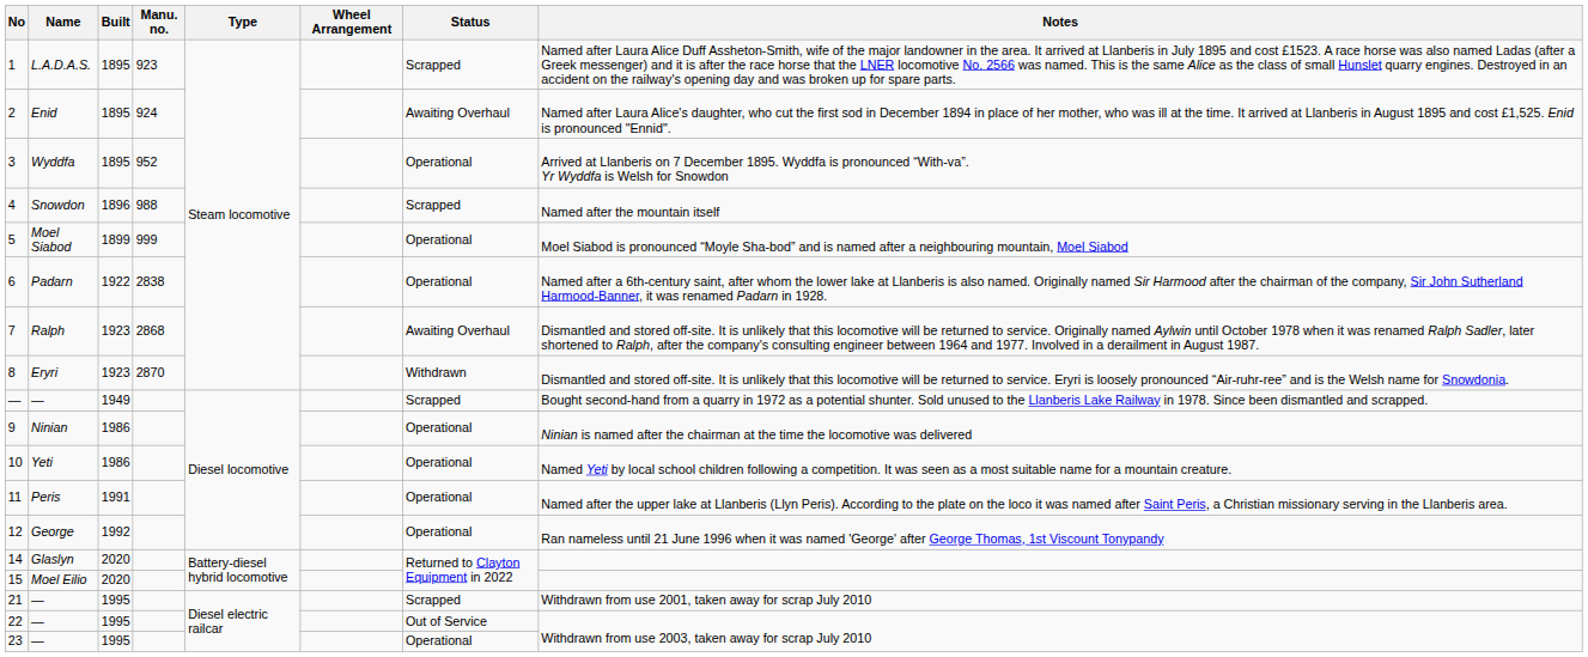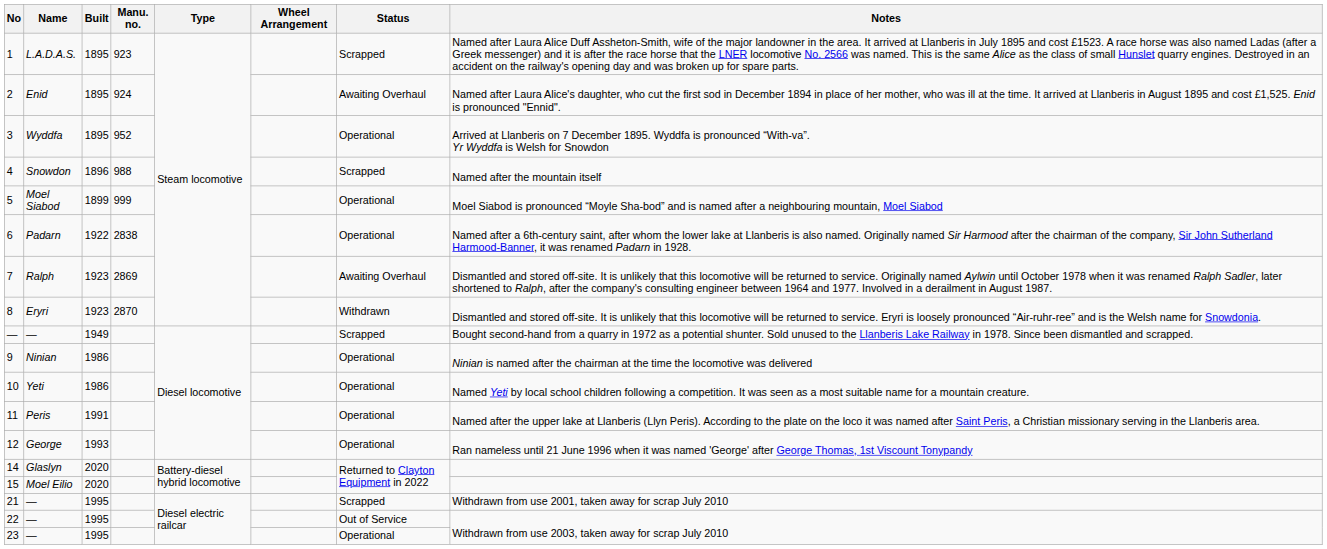 <table class="wikitable sortable">
 <tr>
 <th>No</th>
 <th>Name</th>
 <th>Built</th>
 <th>Manu. no.</th>
 <th>Type</th>
 <th>Wheel Arrangement</th>
 <th>Status</th>
 <th class="unsortable">Notes</th>
 </tr>
 <tr>
 <td>1</td>
 <td><em>L.A.D.A.S.</em></td>
 <td>1895</td>
 <td>923</td>
 <td rowspan=8>Steam locomotive</td>
 <td></td>
 <td>Scrapped</td>
 <td>Named after Laura Alice Duff Assheton-Smith, wife of the major landowner in the area. It arrived at Llanberis in July 1895 and cost £1523. A race horse was also named Ladas (after a Greek messenger) and it is after the race horse that the <a href='#'>LNER</a> locomotive <a href='#'>No. 2566</a> was named. This is the same <em>Alice</em> as the class of small <a href='#'>Hunslet</a> quarry engines. Destroyed in an accident on the railway's opening day and was broken up for spare parts.</td>
 </tr>
 <tr>
 <td>2</td>
 <td><em>Enid</em></td>
 <td>1895</td>
 <td>924<br></td>
 <td></td>
 <td>Awaiting Overhaul</td>
 <td><br>Named after Laura Alice's daughter, who cut the first sod in December 1894 in place of her mother, who was ill at the time.  It arrived at Llanberis in August 1895 and cost £1,525. <em>Enid</em> is pronounced "Ennid".</td>
 </tr>
 <tr>
 <td>3</td>
 <td><em>Wyddfa</em></td>
 <td>1895</td>
 <td>952<br></td>
 <td></td>
 <td>Operational</td>
 <td><br>Arrived at Llanberis on 7 December 1895. Wyddfa is pronounced “With-va”.<br><em>Yr Wyddfa</em> is Welsh for Snowdon</td>
 </tr>
 <tr>
 <td>4</td>
 <td><em>Snowdon</em></td>
 <td>1896</td>
 <td>988<br></td>
 <td></td>
 <td>Scrapped</td>
 <td><br>Named after the mountain itself</td>
 </tr>
 <tr>
 <td>5</td>
 <td><em>Moel Siabod</em></td>
 <td>1899</td>
 <td>999<br></td>
 <td></td>
 <td>Operational</td>
 <td><br>Moel Siabod is pronounced “Moyle Sha-bod” and is named after a neighbouring mountain, <a href='#'>Moel Siabod</a></td>
 </tr>
 <tr>
 <td>6</td>
 <td><em>Padarn</em></td>
 <td>1922</td>
 <td>2838<br></td>
 <td></td>
 <td>Operational</td>
 <td><br>Named after a 6th-century saint, after whom the lower lake at Llanberis is also named. Originally named <em>Sir Harmood</em> after the chairman of the company, <a href='#'>Sir John Sutherland Harmood-Banner</a>, it was renamed <em>Padarn</em> in 1928.</td>
 </tr>
 <tr>
 <td>7</td>
 <td><em>Ralph</em></td>
 <td>1923</td>
-<td>2868<br></td>
+<td>2869<br></td>
 <td></td>
 <td>Awaiting Overhaul</td>
 <td><br>Dismantled and stored off-site. It is unlikely that this locomotive will be returned to service. Originally named  <em>Aylwin</em> until October 1978 when it was renamed <em>Ralph Sadler</em>, later shortened to  <em>Ralph</em>, after the company's consulting engineer between 1964 and 1977. Involved in a derailment in August 1987.</td>
 </tr>
 <tr>
 <td>8</td>
 <td><em>Eryri</em></td>
 <td>1923</td>
 <td>2870<br></td>
 <td></td>
 <td>Withdrawn</td>
 <td><br>Dismantled and stored off-site. It is unlikely that this locomotive will be returned to service. Eryri is loosely pronounced “Air-ruhr-ree” and is the Welsh name for <a href='#'>Snowdonia</a>.</td>
 </tr>
 <tr>
 <td>—</td>
 <td>—</td>
 <td>1949</td>
 <td></td>
 <td rowspan=5>Diesel locomotive</td>
 <td></td>
 <td>Scrapped</td>
 <td>Bought second-hand from a quarry in 1972 as a potential shunter. Sold unused to the <a href='#'>Llanberis Lake Railway</a> in 1978. Since been dismantled and scrapped.</td>
 </tr>
 <tr>
 <td>9</td>
 <td><em>Ninian</em></td>
 <td>1986</td>
 <td><br></td>
 <td></td>
 <td>Operational</td>
 <td><br><em>Ninian</em> is named after the chairman at the time the locomotive was delivered</td>
 </tr>
 <tr>
 <td>10</td>
 <td><em>Yeti</em></td>
 <td>1986</td>
 <td><br></td>
 <td></td>
 <td>Operational</td>
 <td><br>Named <em><a href='#'>Yeti</a></em> by local school children following a competition. It was seen as a most suitable name for a mountain creature.</td>
 </tr>
 <tr>
 <td>11</td>
 <td><em>Peris</em></td>
 <td>1991</td>
 <td><br></td>
 <td></td>
 <td>Operational</td>
 <td><br>Named after the upper lake at Llanberis (Llyn Peris). According to the plate on the loco it was named after <a href='#'>Saint Peris</a>, a Christian missionary serving in the Llanberis area.</td>
 </tr>
 <tr>
 <td>12</td>
 <td><em>George</em></td>
-<td>1992</td>
+<td>1993</td>
 <td><br></td>
 <td></td>
 <td>Operational</td>
 <td><br>Ran nameless until 21 June 1996 when it was named 'George' after <a href='#'>George Thomas, 1st Viscount Tonypandy</a></td>
 </tr>
 <tr>
 <td>14</td>
 <td><em>Glaslyn</em></td>
 <td>2020</td>
 <td></td>
 <td rowspan=2>Battery-diesel hybrid locomotive</td>
 <td></td>
 <td rowspan=2>Returned to <a href='#'>Clayton Equipment</a> in 2022</td>
 <td></td>
 </tr>
 <tr>
 <td>15</td>
 <td><em>Moel Eilio</em></td>
 <td>2020</td>
 <td><br></td>
 <td></td>
 <td></td>
 </tr>
 <tr>
 <td>21</td>
 <td>—</td>
 <td>1995</td>
 <td></td>
 <td rowspan=3>Diesel electric railcar</td>
 <td></td>
 <td>Scrapped</td>
 <td>Withdrawn from use 2001, taken away for scrap July 2010</td>
 </tr>
 <tr>
 <td>22</td>
 <td>—</td>
 <td>1995</td>
 <td><br></td>
 <td></td>
 <td>Out of Service</td>
 <td rowspan=2><br>Withdrawn from use 2003, taken away for scrap July 2010</td>
 </tr>
 <tr>
 <td>23</td>
 <td>—</td>
 <td>1995</td>
 <td><br></td>
 <td></td>
 <td>Operational</td>
 </tr>
 </table>
